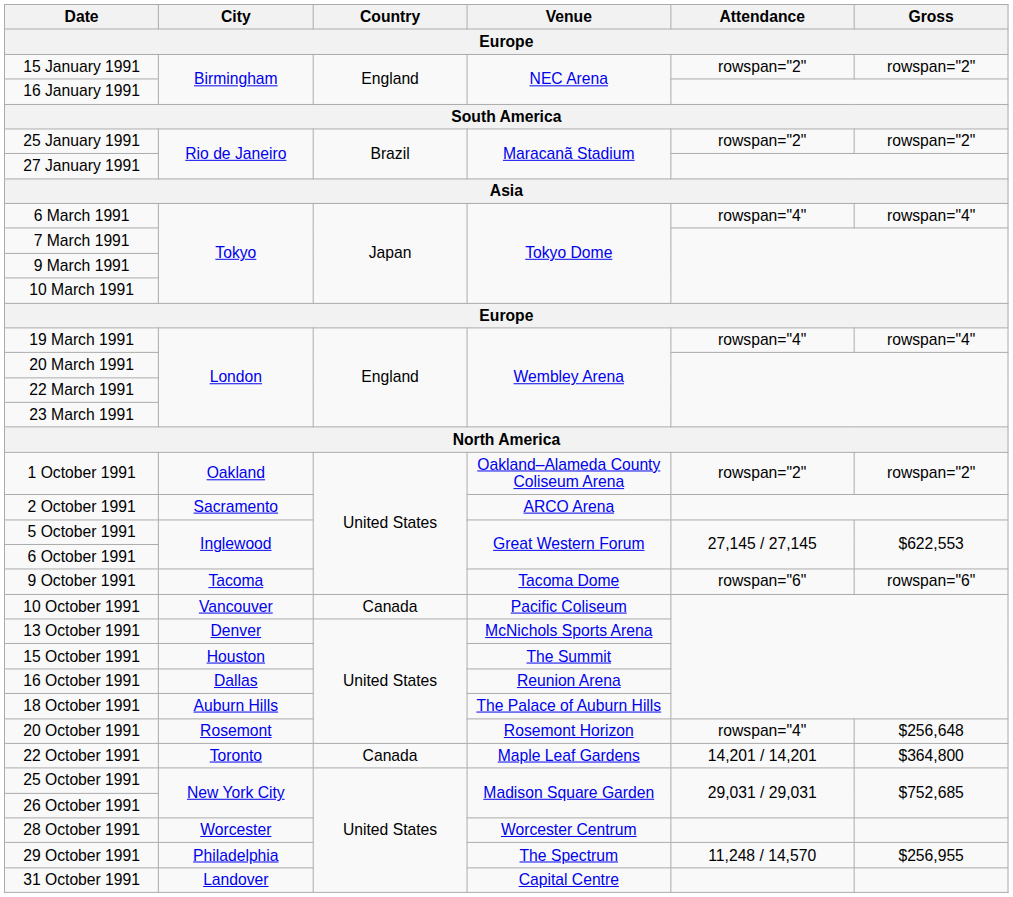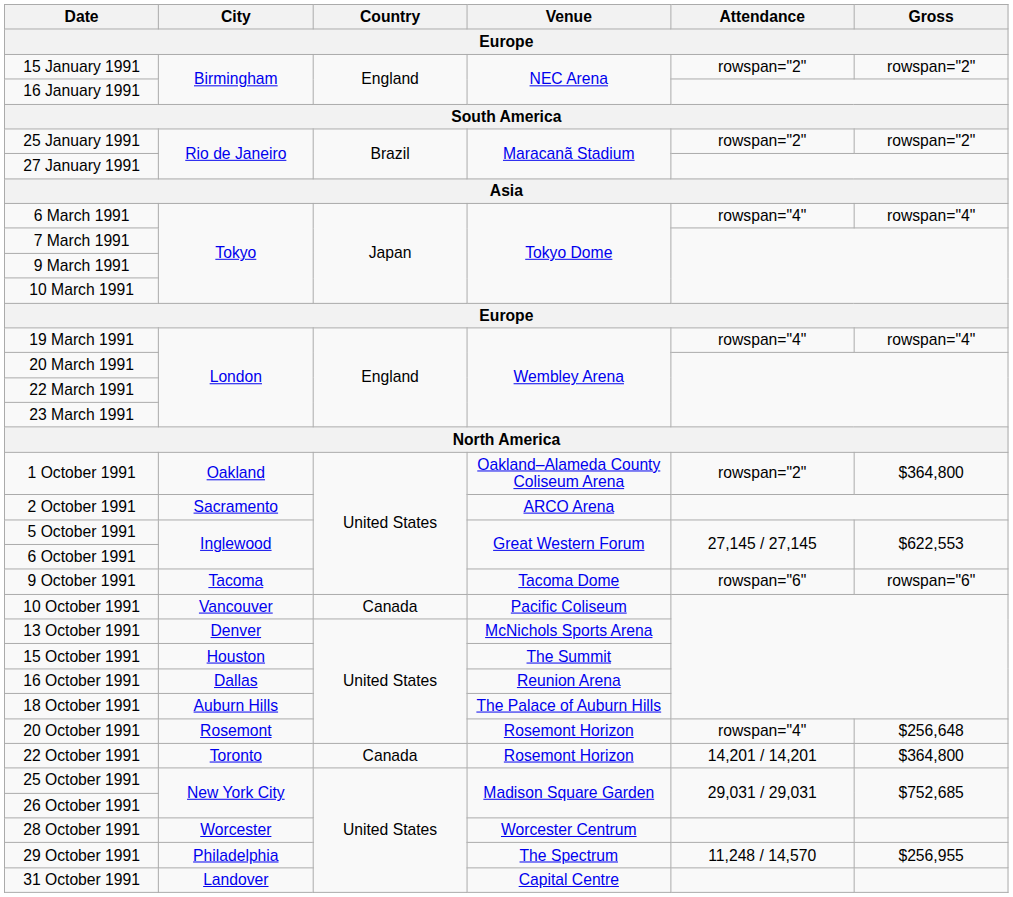 <table class="wikitable" style="text-align: center">
 <tr>
 <th width="150">Date</th>
 <th width="150">City</th>
 <th width="150">Country</th>
 <th width="200">Venue</th>
 <th width="180">Attendance</th>
 <th width="150">Gross</th>
 </tr>
 <tr>
 <th colspan="6">Europe</th>
 </tr>
 <tr>
 <td>15 January 1991</td>
 <td rowspan="2"><a href='#'>Birmingham</a></td>
 <td rowspan="2">England</td>
 <td rowspan="2"><a href='#'>NEC Arena</a></td>
 <td>rowspan="2" </td>
 <td>rowspan="2" </td>
 </tr>
 <tr>
 <td>16 January 1991</td>
 </tr>
 <tr>
 <th colspan="6">South America</th>
 </tr>
 <tr>
 <td>25 January 1991</td>
 <td rowspan="2"><a href='#'>Rio de Janeiro</a></td>
 <td rowspan="2">Brazil</td>
 <td rowspan="2"><a href='#'>Maracanã Stadium</a></td>
 <td>rowspan="2" </td>
 <td>rowspan="2" </td>
 </tr>
 <tr>
 <td>27 January 1991</td>
 </tr>
 <tr>
 <th colspan="6">Asia</th>
 </tr>
 <tr>
 <td>6 March 1991</td>
 <td rowspan="4"><a href='#'>Tokyo</a></td>
 <td rowspan="4">Japan</td>
 <td rowspan="4"><a href='#'>Tokyo Dome</a></td>
 <td>rowspan="4" </td>
 <td>rowspan="4" </td>
 </tr>
 <tr>
 <td>7 March 1991</td>
 </tr>
 <tr>
 <td>9 March 1991</td>
 </tr>
 <tr>
 <td>10 March 1991</td>
 </tr>
 <tr>
 <th colspan="6">Europe</th>
 </tr>
 <tr>
 <td>19 March 1991</td>
 <td rowspan="4"><a href='#'>London</a></td>
 <td rowspan="4">England</td>
 <td rowspan="4"><a href='#'>Wembley Arena</a></td>
 <td>rowspan="4" </td>
 <td>rowspan="4" </td>
 </tr>
 <tr>
 <td>20 March 1991</td>
 </tr>
 <tr>
 <td>22 March 1991</td>
 </tr>
 <tr>
 <td>23 March 1991</td>
 </tr>
 <tr>
 <th colspan="6">North America</th>
 </tr>
 <tr>
 <td>1 October 1991</td>
 <td><a href='#'>Oakland</a></td>
 <td rowspan="5">United States</td>
 <td><a href='#'>Oakland–Alameda County Coliseum Arena</a></td>
 <td>rowspan="2" </td>
-<td>rowspan="2" </td>
+<td>$364,800</td>
 </tr>
 <tr>
 <td>2 October 1991</td>
 <td><a href='#'>Sacramento</a></td>
 <td><a href='#'>ARCO Arena</a></td>
 </tr>
 <tr>
 <td>5 October 1991</td>
 <td rowspan="2"><a href='#'>Inglewood</a></td>
 <td rowspan="2"><a href='#'>Great Western Forum</a></td>
 <td rowspan="2">27,145 / 27,145</td>
 <td rowspan="2">$622,553</td>
 </tr>
 <tr>
 <td>6 October 1991</td>
 </tr>
 <tr>
 <td>9 October 1991</td>
 <td><a href='#'>Tacoma</a></td>
 <td><a href='#'>Tacoma Dome</a></td>
 <td>rowspan="6" </td>
 <td>rowspan="6" </td>
 </tr>
 <tr>
 <td>10 October 1991</td>
 <td><a href='#'>Vancouver</a></td>
 <td>Canada</td>
 <td><a href='#'>Pacific Coliseum</a></td>
 </tr>
 <tr>
 <td>13 October 1991</td>
 <td><a href='#'>Denver</a></td>
 <td rowspan="5">United States</td>
 <td><a href='#'>McNichols Sports Arena</a></td>
 </tr>
 <tr>
 <td>15 October 1991</td>
 <td><a href='#'>Houston</a></td>
 <td><a href='#'>The Summit</a></td>
 </tr>
 <tr>
 <td>16 October 1991</td>
 <td><a href='#'>Dallas</a></td>
 <td><a href='#'>Reunion Arena</a></td>
 </tr>
 <tr>
 <td>18 October 1991</td>
 <td><a href='#'>Auburn Hills</a></td>
 <td><a href='#'>The Palace of Auburn Hills</a></td>
 </tr>
 <tr>
 <td>20 October 1991</td>
 <td><a href='#'>Rosemont</a></td>
 <td><a href='#'>Rosemont Horizon</a></td>
 <td>rowspan="4" </td>
 <td>$256,648</td>
 </tr>
 <tr>
 <td>22 October 1991</td>
 <td><a href='#'>Toronto</a></td>
 <td>Canada</td>
-<td><a href='#'>Maple Leaf Gardens</a></td>
+<td><a href='#'>Rosemont Horizon</a></td>
 <td>14,201 / 14,201</td>
 <td>$364,800</td>
 </tr>
 <tr>
 <td>25 October 1991</td>
 <td rowspan="2"><a href='#'>New York City</a></td>
 <td rowspan="5">United States</td>
 <td rowspan="2"><a href='#'>Madison Square Garden</a></td>
 <td rowspan="2">29,031 / 29,031</td>
 <td rowspan="2">$752,685</td>
 </tr>
 <tr>
 <td>26 October 1991</td>
 </tr>
 <tr>
 <td>28 October 1991</td>
 <td><a href='#'>Worcester</a></td>
 <td><a href='#'>Worcester Centrum</a></td>
 <td></td>
 <td></td>
 </tr>
 <tr>
 <td>29 October 1991</td>
 <td><a href='#'>Philadelphia</a></td>
 <td><a href='#'>The Spectrum</a></td>
 <td>11,248 / 14,570</td>
 <td>$256,955</td>
 </tr>
 <tr>
 <td>31 October 1991</td>
 <td><a href='#'>Landover</a></td>
 <td><a href='#'>Capital Centre</a></td>
 <td></td>
 <td></td>
 </tr>
 </table>
